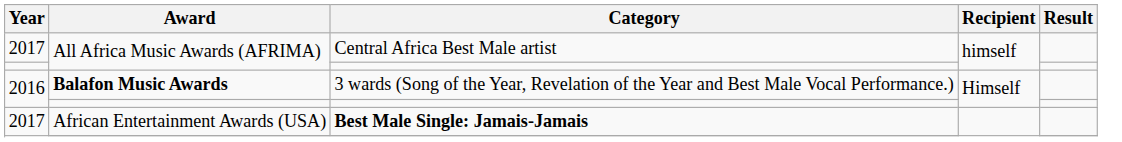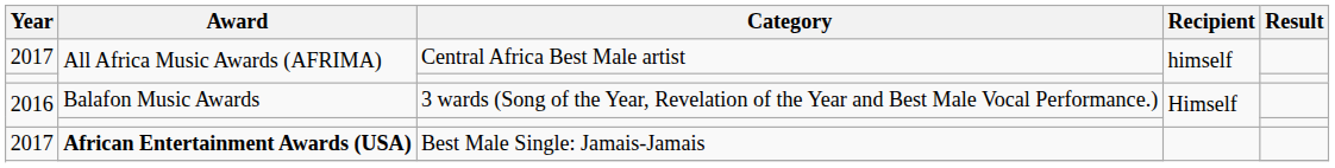 <table class="wikitable plainrowheaders sortable">
 <tr>
 <th>Year</th>
 <th>Award</th>
 <th>Category</th>
 <th>Recipient</th>
 <th>Result</th>
 </tr>
 <tr>
 <td rowspan=1>2017</td>
 <td rowspan=2>All Africa Music Awards (AFRIMA)</td>
 <td>Central Africa Best Male artist</td>
 <td rowspan=2>himself</td>
 <td></td>
 </tr>
 <tr>
 <td></td>
 </tr>
 <tr>
 <td rowspan="2">2016</td>
-<td><strong>Balafon Music Awards</strong></td>
+<td>Balafon Music Awards</td>
 <td>3 wards (Song of the Year, Revelation of the Year and Best Male Vocal Performance.)</td>
 <td rowspan=2>Himself</td>
 <td></td>
 </tr>
 <tr>
 <td></td>
 <td></td>
 </tr>
 <tr>
 <td rowspan="3">2017</td>
-<td>African Entertainment Awards (USA)</td>
-<td><strong>Best Male Single:  Jamais-Jamais</strong></td>
+<td><strong>African Entertainment Awards (USA)</strong></td>
+<td>Best Male Single:  Jamais-Jamais</td>
 <td rowspan=2></td>
 <td></td>
 </tr>
 <tr>
 </tr>
 </table>
